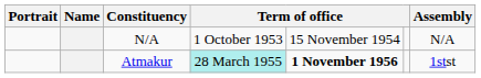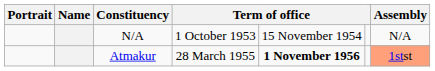 <table class="wikitable sortable" style="text-align:center">
 <tr>
 <th class="unsortable" scope="col">Portrait</th>
 <th scope="col">Name</th>
 <th scope="col">Constituency</th>
 <th colspan=3 scope="colgroup">Term of office</th>
 <th scope="col">Assembly</th>
 </tr>
 <tr align="center">
 <td></td>
 <th scope="row"></th>
 <td>N/A</td>
 <td>1 October 1953</td>
 <td>15 November 1954</td>
 <td></td>
 <td>N/A</td>
 </tr>
 <tr align="center">
 <td></td>
 <th scope="row"></th>
 <td><a href='#'>Atmakur</a></td>
-<td style="background: paleturquoise;">28 March 1955</td>
+<td>28 March 1955</td>
 <td><strong>1 November 1956</strong></td>
 <td></td>
-<td><a href='#'>1st</a>st</td>
+<td style="background: lightsalmon;"><a href='#'>1st</a>st</td>
 </tr>
 </table>
